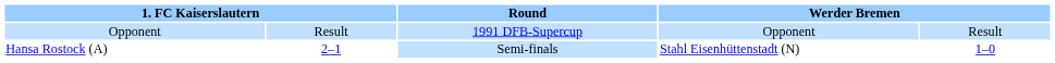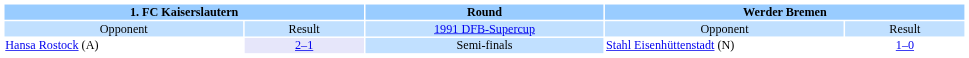 <table style="width:80%; text-align:center;">
 <tr style="vertical-align:top; background:#99CCFF;">
 <th colspan="2">1. FC Kaiserslautern</th>
 <th style="width:20%">Round</th>
 <th colspan="2">Werder Bremen</th>
 </tr>
 <tr style="vertical-align:top; background:#c1e0ff;">
 <td style="width:20%">Opponent</td>
 <td style="width:10%">Result</td>
 <td><a href='#'>1991 DFB-Supercup</a></td>
 <td style="width:20%">Opponent</td>
 <td style="width:10%">Result</td>
 </tr>
 <tr>
 <td align="left"><a href='#'>Hansa Rostock</a> (A)</td>
-<td><a href='#'>2–1</a></td>
+<td style="background: lavender;"><a href='#'>2–1</a></td>
 <td style="background:#C1E0FF;">Semi-finals</td>
 <td align="left"><a href='#'>Stahl Eisenhüttenstadt</a> (N)</td>
 <td><a href='#'>1–0</a></td>
 </tr>
 </table>
